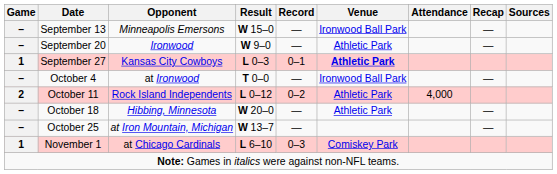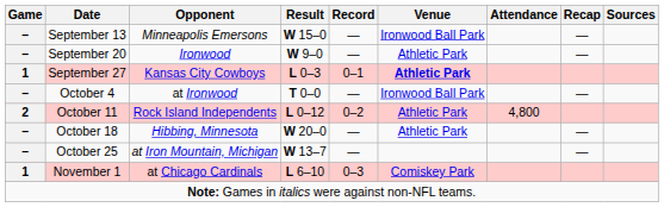 <table class="wikitable" style="text-align:center">
 <tr>
 <th>Game</th>
 <th>Date</th>
 <th>Opponent</th>
 <th>Result</th>
 <th>Record</th>
 <th>Venue</th>
 <th>Attendance</th>
 <th>Recap</th>
 <th>Sources</th>
 </tr>
 <tr>
 <th>–</th>
 <td>September 13</td>
 <td><em>Minneapolis Emersons</em></td>
 <td><strong>W</strong> 15–0</td>
 <td>—</td>
 <td><a href='#'>Ironwood Ball Park</a></td>
 <td></td>
 <td>—</td>
 <td></td>
 </tr>
 <tr>
 <th>–</th>
 <td>September 20</td>
 <td><em><a href='#'>Ironwood</a></em></td>
 <td><strong>W</strong> 9–0</td>
 <td>—</td>
 <td><a href='#'>Athletic Park</a></td>
 <td></td>
 <td>—</td>
 <td></td>
 </tr>
 <tr style="background:#fcc">
 <th>1</th>
 <td>September 27</td>
 <td><a href='#'>Kansas City Cowboys</a></td>
 <td><strong>L</strong> 0–3</td>
 <td>0–1</td>
 <td><strong><a href='#'>Athletic Park</a></strong></td>
 <td></td>
 <td></td>
 <td></td>
 </tr>
 <tr>
 <th>–</th>
 <td>October 4</td>
 <td>at <em><a href='#'>Ironwood</a></em></td>
 <td><strong>T</strong> 0–0</td>
 <td>—</td>
 <td><a href='#'>Ironwood Ball Park</a></td>
 <td></td>
 <td>—</td>
 <td></td>
 </tr>
 <tr style="background:#fcc">
 <th>2</th>
 <td>October 11</td>
 <td><a href='#'>Rock Island Independents</a></td>
 <td><strong>L</strong> 0–12</td>
 <td>0–2</td>
 <td><a href='#'>Athletic Park</a></td>
-<td>4,000 </td>
+<td>4,800 </td>
 <td></td>
 <td></td>
 </tr>
 <tr>
 <th>–</th>
 <td>October 18</td>
 <td><em><a href='#'>Hibbing, Minnesota</a></em></td>
 <td><strong>W</strong> 20–0</td>
 <td>—</td>
 <td><a href='#'>Athletic Park</a></td>
 <td></td>
 <td>—</td>
 <td></td>
 </tr>
 <tr>
 <th>–</th>
 <td>October 25</td>
 <td><em>at <a href='#'>Iron Mountain, Michigan</a></em></td>
 <td><strong>W</strong> 13–7</td>
 <td>—</td>
 <td></td>
 <td></td>
 <td>—</td>
 <td></td>
 </tr>
 <tr style="background:#fcc">
 <th>1</th>
 <td>November 1</td>
 <td>at <a href='#'>Chicago Cardinals</a></td>
 <td><strong>L</strong> 6–10</td>
 <td>0–3</td>
 <td><a href='#'>Comiskey Park</a></td>
 <td></td>
 <td></td>
 <td></td>
 </tr>
 <tr>
 <td colspan="10"><strong>Note:</strong> Games in <em>italics</em> were against non-NFL teams.</td>
 </tr>
 </table>
